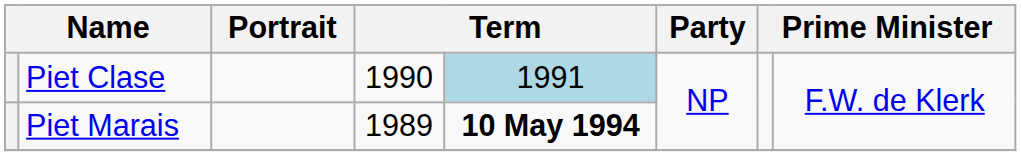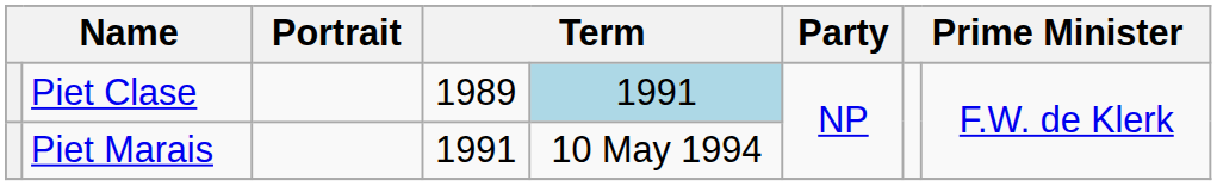 <table class="wikitable" width=60%>
 <tr>
 <th colspan=2 width=20%>Name</th>
 <th width=75>Portrait</th>
 <th colspan=2 width=30%>Term</th>
 <th width=10%>Party</th>
 <th colspan=2 width=25%>Prime Minister</th>
 </tr>
 <tr style="text-align:center">
 <th style="width:1%;background-color: "></th>
 <td align=left><a href='#'>Piet Clase</a></td>
 <td></td>
-<td>1990</td>
+<td>1989</td>
 <td style="background: lightblue;">1991</td>
 <td rowspan=2><a href='#'>NP</a></td>
 <td rowspan=2 style="width:1%;background-color: "></td>
 <td rowspan=2><a href='#'>F.W. de Klerk</a><br> </td>
 </tr>
 <tr style="text-align:center">
 <th style="width:1%;background-color: "></th>
 <td align=left><a href='#'>Piet Marais</a></td>
 <td></td>
-<td>1989</td>
-<td><strong>10 May 1994</strong></td>
+<td>1991</td>
+<td>10 May 1994</td>
 </tr>
 <tr>
 </tr>
 </table>
